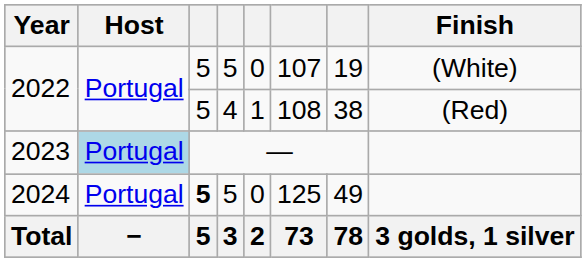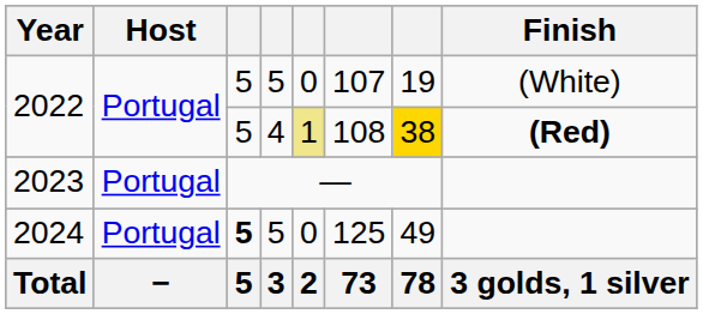 <table class="wikitable" style="text-align: center;">
 <tr>
 <th>Year</th>
 <th>Host</th>
 <th></th>
 <th></th>
 <th></th>
 <th></th>
 <th></th>
 <th>Finish</th>
 </tr>
 <tr>
 <td rowspan=2 align=left>2022</td>
 <td rowspan=2><a href='#'>Portugal</a></td>
 <td>5</td>
 <td>5</td>
 <td>0</td>
 <td>107</td>
 <td>19</td>
 <td> (White)</td>
 </tr>
 <tr>
 <td>5</td>
 <td>4</td>
-<td>1</td>
+<td style="background: khaki;">1</td>
 <td>108</td>
-<td>38</td>
-<td> (Red)</td>
+<td style="background: gold;">38</td>
+<td><strong> (Red)</strong></td>
 </tr>
 <tr>
 <td align=left>2023</td>
-<td style="background: lightblue;"><a href='#'>Portugal</a></td>
+<td><a href='#'>Portugal</a></td>
 <td colspan=5>—</td>
 <td></td>
 </tr>
 <tr>
 <td align=left>2024</td>
 <td><a href='#'>Portugal</a></td>
 <td><strong>5</strong></td>
 <td>5</td>
 <td>0</td>
 <td>125</td>
 <td>49</td>
 <td></td>
 </tr>
 <tr>
 <th>Total</th>
 <th>−</th>
 <th>5</th>
 <th>3</th>
 <th>2</th>
 <th>73</th>
 <th>78</th>
 <th>3 golds, 1 silver</th>
 </tr>
 </table>
